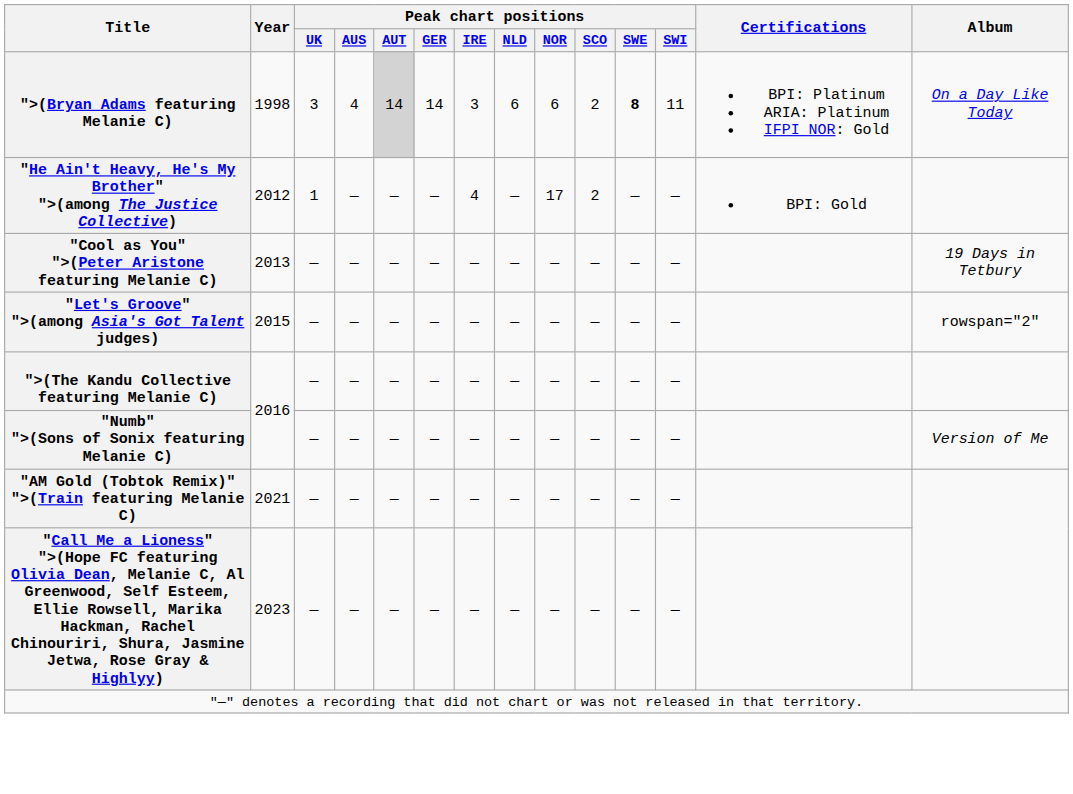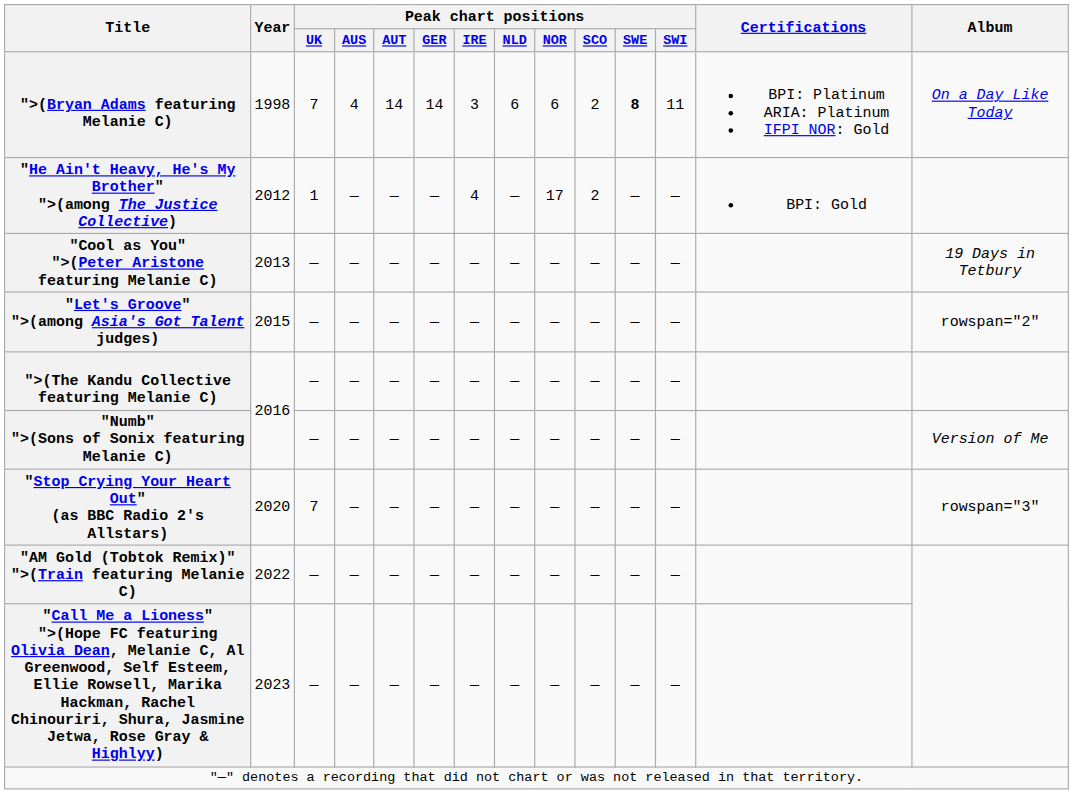 <table class="wikitable plainrowheaders" style="text-align:center;" border="1">
 <tr>
 <th scope="col" rowspan="2" style="width:16em;">Title</th>
 <th scope="col" rowspan="2" style="width:1em;">Year</th>
 <th scope="col" colspan="10">Peak chart positions</th>
 <th scope="col" rowspan="2" style="width:14em;"><a href='#'>Certifications</a></th>
 <th scope="col" rowspan="2" style="width:10em;">Album</th>
 </tr>
 <tr>
 <th scope="col" style="width:2.5em;font-size:90%;"><a href='#'>UK</a><br></th>
 <th scope="col" style="width:2.5em;font-size:90%;"><a href='#'>AUS</a><br></th>
 <th scope="col" style="width:2.5em;font-size:90%;"><a href='#'>AUT</a><br></th>
 <th scope="col" style="width:2.5em;font-size:90%;"><a href='#'>GER</a><br></th>
 <th scope="col" style="width:2.5em;font-size:90%;"><a href='#'>IRE</a><br></th>
 <th scope="col" style="width:2.5em;font-size:90%;"><a href='#'>NLD</a><br></th>
 <th scope="col" style="width:2.5em;font-size:90%;"><a href='#'>NOR</a><br></th>
 <th scope="col" style="width:2.5em;font-size:90%;"><a href='#'>SCO</a><br></th>
 <th scope="col" style="width:2.5em;font-size:90%;"><a href='#'>SWE</a><br></th>
 <th scope="col" style="width:2.5em;font-size:90%;"><a href='#'>SWI</a><br></th>
 </tr>
 <tr>
 <th scope="row"><br><span>">(<a href='#'>Bryan Adams</a> featuring Melanie C)</span></th>
 <td>1998</td>
-<td>3</td>
+<td>7</td>
 <td>4</td>
-<td style="background: lightgrey;">14</td>
+<td>14</td>
 <td>14</td>
 <td>3</td>
 <td>6</td>
 <td>6</td>
 <td>2</td>
 <td><strong>8</strong></td>
 <td>11</td>
 <td><br><ul><li>BPI: Platinum</li><li>ARIA: Platinum</li><li><a href='#'>IFPI NOR</a>: Gold</li></ul></td>
 <td><em><a href='#'>On a Day Like Today</a></em></td>
 </tr>
 <tr>
 <th scope="row">"<a href='#'>He Ain't Heavy, He's My Brother</a>"<br><span>">(among <em><a href='#'>The Justice Collective</a></em>)</span></th>
 <td>2012</td>
 <td>1</td>
 <td>—</td>
 <td>—</td>
 <td>—</td>
 <td>4</td>
 <td>—</td>
 <td>17</td>
 <td>2</td>
 <td>—</td>
 <td>—</td>
 <td><br><ul><li>BPI: Gold</li></ul></td>
 <td></td>
 </tr>
 <tr>
 <th scope="row">"Cool as You"<br><span>">(<a href='#'>Peter Aristone</a> featuring Melanie C)</span></th>
 <td>2013</td>
 <td>—</td>
 <td>—</td>
 <td>—</td>
 <td>—</td>
 <td>—</td>
 <td>—</td>
 <td>—</td>
 <td>—</td>
 <td>—</td>
 <td>—</td>
 <td></td>
 <td><em>19 Days in Tetbury</em></td>
 </tr>
 <tr>
 <th scope="row">"<a href='#'>Let's Groove</a>"<br><span>">(among <em><a href='#'>Asia's Got Talent</a></em> judges)</span></th>
 <td>2015</td>
 <td>—</td>
 <td>—</td>
 <td>—</td>
 <td>—</td>
 <td>—</td>
 <td>—</td>
 <td>—</td>
 <td>—</td>
 <td>—</td>
 <td>—</td>
 <td></td>
 <td>rowspan="2" </td>
 </tr>
 <tr>
 <th scope="row"><br><span>">(The Kandu Collective featuring Melanie C)</span></th>
 <td rowspan="2">2016</td>
 <td>—</td>
 <td>—</td>
 <td>—</td>
 <td>—</td>
 <td>—</td>
 <td>—</td>
 <td>—</td>
 <td>—</td>
 <td>—</td>
 <td>—</td>
 <td></td>
 </tr>
 <tr>
 <th scope="row">"Numb"<br><span>">(Sons of Sonix featuring Melanie C)</span></th>
 <td>—</td>
 <td>—</td>
 <td>—</td>
 <td>—</td>
 <td>—</td>
 <td>—</td>
 <td>—</td>
 <td>—</td>
 <td>—</td>
 <td>—</td>
 <td></td>
 <td><em>Version of Me</em></td>
 </tr>
 <tr>
+<th scope="row">"<a href='#'>Stop Crying Your Heart Out</a>"<br><span>(as BBC Radio 2's Allstars)</span></th>
+<td>2020</td>
+<td>7</td>
+<td>—</td>
+<td>—</td>
+<td>—</td>
+<td>—</td>
+<td>—</td>
+<td>—</td>
+<td>—</td>
+<td>—</td>
+<td>—</td>
+<td></td>
+<td>rowspan="3" </td>
+</tr>
+<tr>
 <th scope="row">"AM Gold (Tobtok Remix)"<br><span>">(<a href='#'>Train</a> featuring Melanie C)</span></th>
-<td>2021</td>
+<td>2022</td>
 <td>—</td>
 <td>—</td>
 <td>—</td>
 <td>—</td>
 <td>—</td>
 <td>—</td>
 <td>—</td>
 <td>—</td>
 <td>—</td>
 <td>—</td>
 <td></td>
 </tr>
 <tr>
 <th scope="row">"<a href='#'>Call Me a Lioness</a>"<br><span>">(Hope FC featuring <a href='#'>Olivia Dean</a>, Melanie C, Al Greenwood, Self Esteem, Ellie Rowsell, Marika Hackman, Rachel Chinouriri, Shura, Jasmine Jetwa, Rose Gray & <a href='#'>Highlyy</a>)</span></th>
 <td>2023</td>
 <td>—</td>
 <td>—</td>
 <td>—</td>
 <td>—</td>
 <td>—</td>
 <td>—</td>
 <td>—</td>
 <td>—</td>
 <td>—</td>
 <td>—</td>
 <td></td>
 </tr>
 <tr>
 <td colspan="14" style="font-size:90%">"—" denotes a recording that did not chart or was not released in that territory.</td>
 </tr>
 </table>
